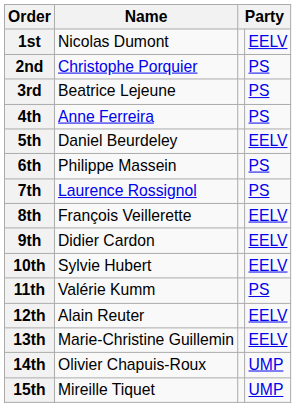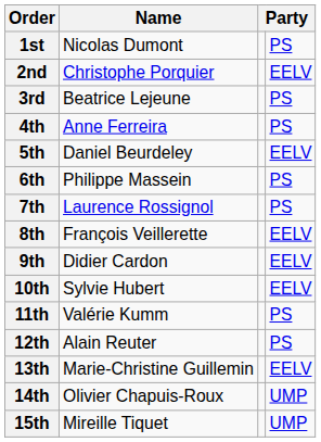 <table class="wikitable sortable">
 <tr>
 <th>Order</th>
 <th>Name</th>
 <th colspan="2">Party</th>
 </tr>
 <tr>
 <th>1st</th>
 <td>Nicolas Dumont</td>
 <td style="color:inherit;background:"></td>
-<td><a href='#'>EELV</a></td>
+<td><a href='#'>PS</a></td>
 </tr>
 <tr>
 <th>2nd</th>
 <td><a href='#'>Christophe Porquier</a></td>
 <td style="color:inherit;background:"></td>
-<td><a href='#'>PS</a></td>
+<td><a href='#'>EELV</a></td>
 </tr>
 <tr>
 <th>3rd</th>
 <td>Beatrice Lejeune</td>
 <td style="color:inherit;background:"></td>
 <td><a href='#'>PS</a></td>
 </tr>
 <tr>
 <th>4th</th>
 <td><a href='#'>Anne Ferreira</a></td>
 <td style="color:inherit;background:"></td>
 <td><a href='#'>PS</a></td>
 </tr>
 <tr>
 <th>5th</th>
 <td>Daniel Beurdeley</td>
 <td style="color:inherit;background:"></td>
 <td><a href='#'>EELV</a></td>
 </tr>
 <tr>
 <th>6th</th>
 <td>Philippe Massein</td>
 <td style="color:inherit;background:"></td>
 <td><a href='#'>PS</a></td>
 </tr>
 <tr>
 <th>7th</th>
 <td><a href='#'>Laurence Rossignol</a></td>
 <td style="color:inherit;background:"></td>
 <td><a href='#'>PS</a></td>
 </tr>
 <tr>
 <th>8th</th>
 <td>François Veillerette</td>
 <td style="color:inherit;background:"></td>
 <td><a href='#'>EELV</a></td>
 </tr>
 <tr>
 <th>9th</th>
 <td>Didier Cardon</td>
 <td style="color:inherit;background:"></td>
 <td><a href='#'>EELV</a></td>
 </tr>
 <tr>
 <th>10th</th>
 <td>Sylvie Hubert</td>
 <td style="color:inherit;background:"></td>
 <td><a href='#'>EELV</a></td>
 </tr>
 <tr>
 <th>11th</th>
 <td>Valérie Kumm</td>
 <td style="color:inherit;background:"></td>
 <td><a href='#'>PS</a></td>
 </tr>
 <tr>
 <th>12th</th>
 <td>Alain Reuter</td>
 <td style="color:inherit;background:"></td>
-<td><a href='#'>EELV</a></td>
+<td><a href='#'>PS</a></td>
 </tr>
 <tr>
 <th>13th</th>
 <td>Marie-Christine Guillemin</td>
 <td style="color:inherit;background:"></td>
 <td><a href='#'>EELV</a></td>
 </tr>
 <tr>
 <th>14th</th>
 <td>Olivier Chapuis-Roux</td>
 <td style="color:inherit;background:"></td>
 <td><a href='#'>UMP</a></td>
 </tr>
 <tr>
 <th>15th</th>
 <td>Mireille Tiquet</td>
 <td style="color:inherit;background:"></td>
 <td><a href='#'>UMP</a></td>
 </tr>
 </table>
